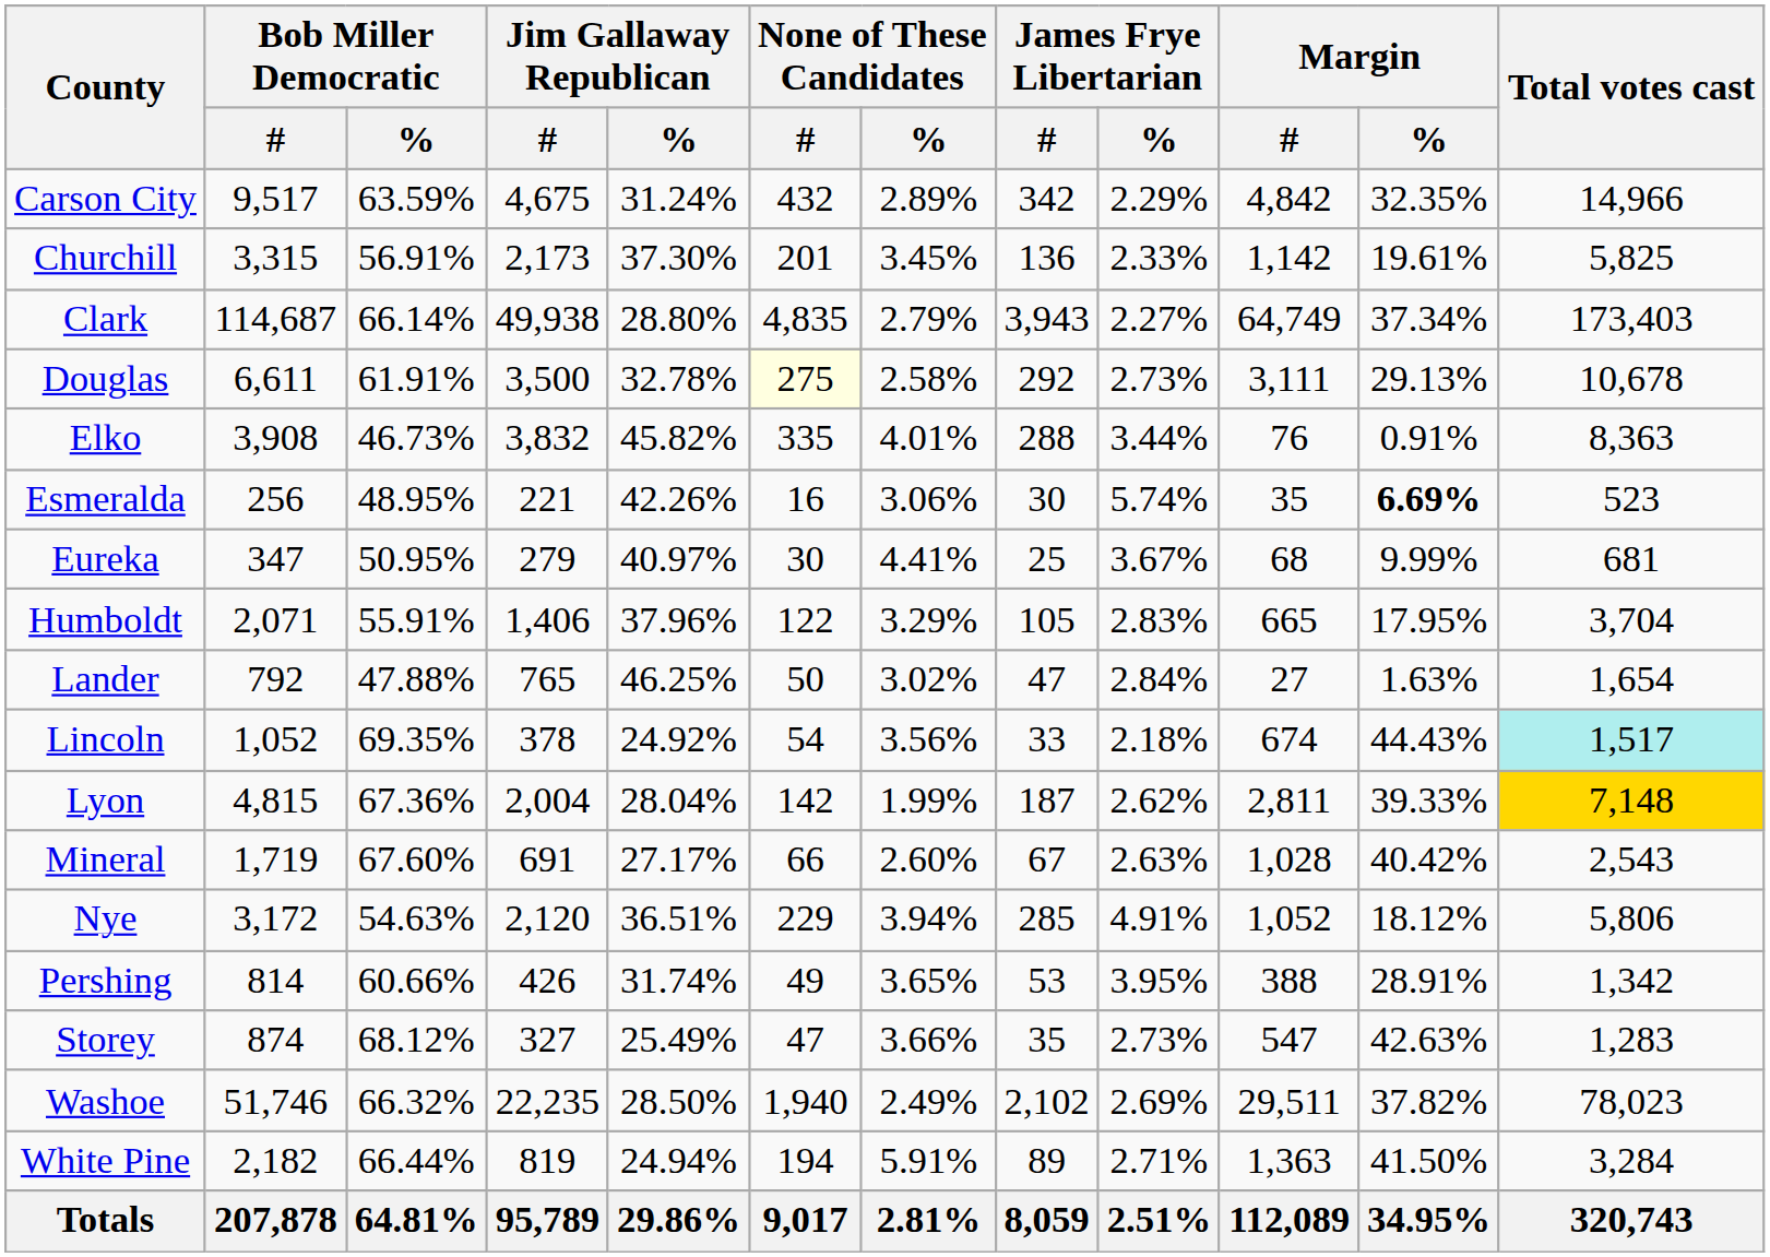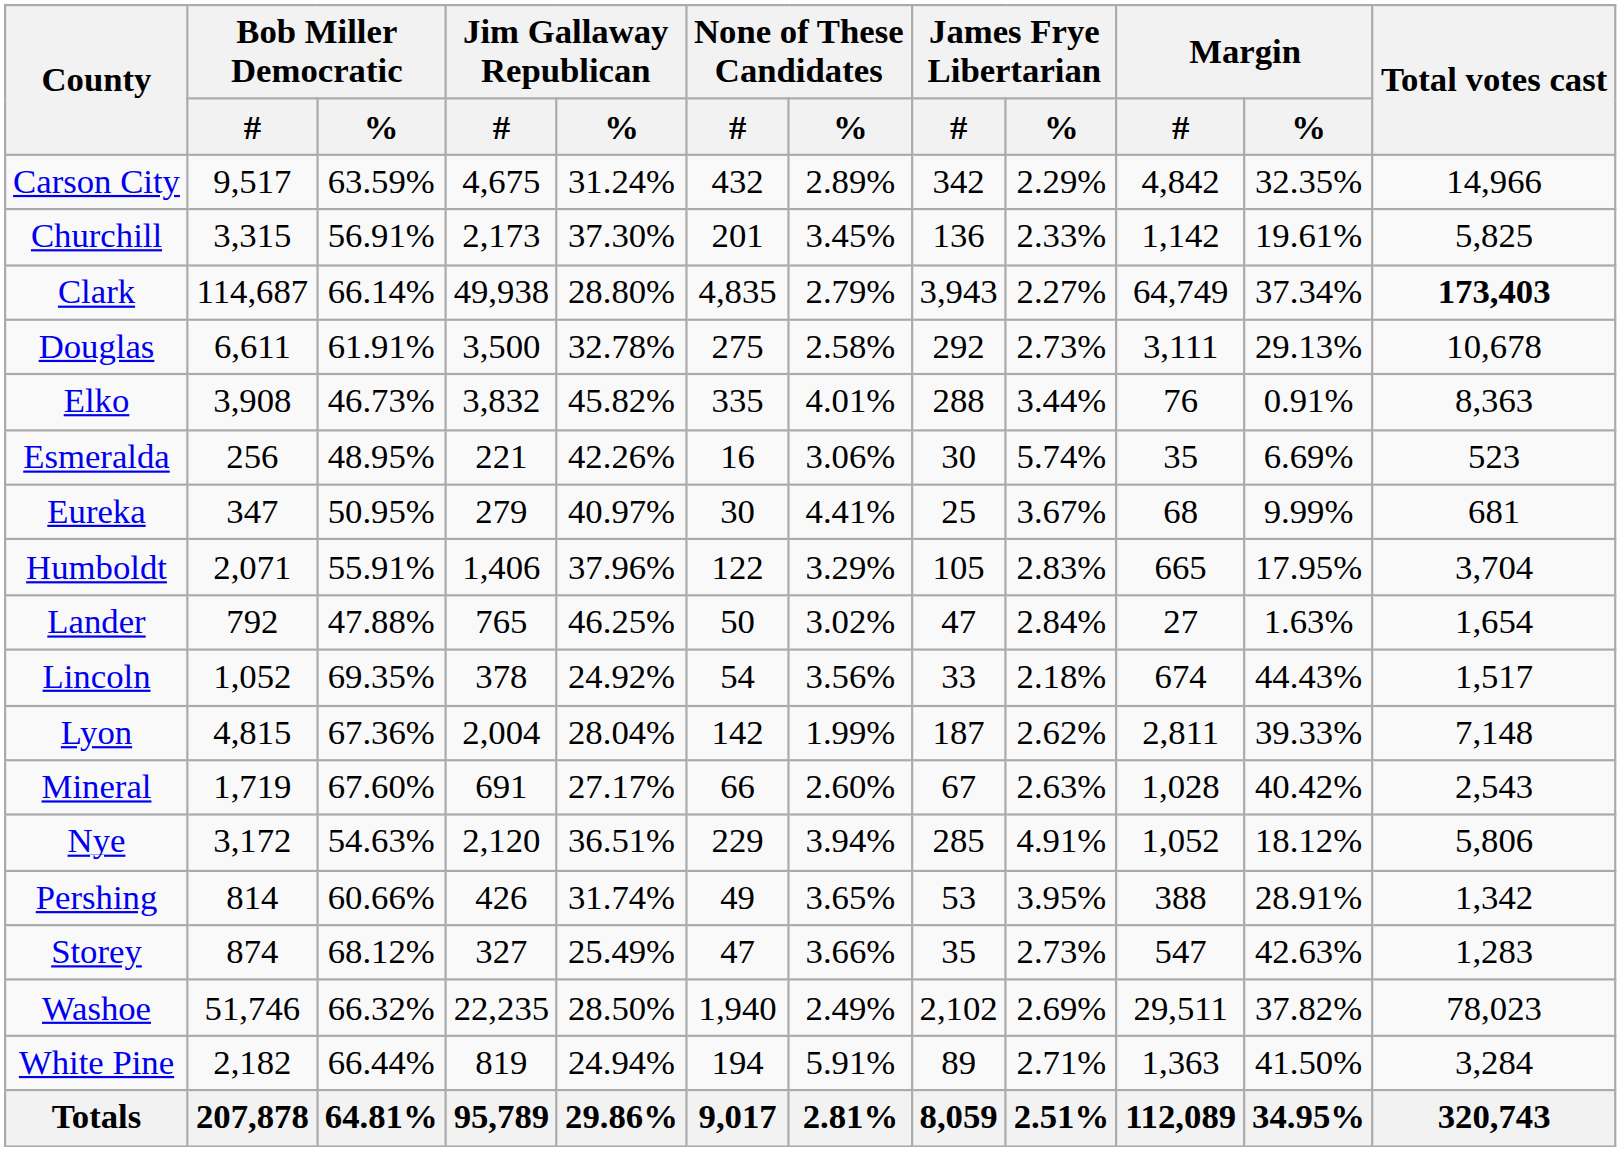 <table class="wikitable sortable" style="text-align:center">
 <tr>
 <th rowspan="2">County</th>
 <th style="text-align:center;" colspan="2">Bob Miller<br>Democratic</th>
 <th style="text-align:center;" colspan="2">Jim Gallaway<br>Republican</th>
 <th style="text-align:center;" colspan="2">None of These<br>Candidates</th>
 <th style="text-align:center;" colspan="2">James Frye<br>Libertarian</th>
 <th style="text-align:center;" colspan="2">Margin</th>
 <th style="text-align:center;" rowspan="2">Total votes cast</th>
 </tr>
 <tr>
 <th style="text-align:center;" data-sort-type="number">#</th>
 <th style="text-align:center;" data-sort-type="number">%</th>
 <th style="text-align:center;" data-sort-type="number">#</th>
 <th style="text-align:center;" data-sort-type="number">%</th>
 <th style="text-align:center;" data-sort-type="number">#</th>
 <th style="text-align:center;" data-sort-type="number">%</th>
 <th style="text-align:center;" data-sort-type="number">#</th>
 <th style="text-align:center;" data-sort-type="number">%</th>
 <th style="text-align:center;" data-sort-type="number">#</th>
 <th style="text-align:center;" data-sort-type="number">%</th>
 </tr>
 <tr style="text-align:center;">
 <td><a href='#'>Carson City</a></td>
 <td>9,517</td>
 <td>63.59%</td>
 <td>4,675</td>
 <td>31.24%</td>
 <td>432</td>
 <td>2.89%</td>
 <td>342</td>
 <td>2.29%</td>
 <td>4,842</td>
 <td>32.35%</td>
 <td>14,966</td>
 </tr>
 <tr style="text-align:center;">
 <td><a href='#'>Churchill</a></td>
 <td>3,315</td>
 <td>56.91%</td>
 <td>2,173</td>
 <td>37.30%</td>
 <td>201</td>
 <td>3.45%</td>
 <td>136</td>
 <td>2.33%</td>
 <td>1,142</td>
 <td>19.61%</td>
 <td>5,825</td>
 </tr>
 <tr style="text-align:center;">
 <td><a href='#'>Clark</a></td>
 <td>114,687</td>
 <td>66.14%</td>
 <td>49,938</td>
 <td>28.80%</td>
 <td>4,835</td>
 <td>2.79%</td>
 <td>3,943</td>
 <td>2.27%</td>
 <td>64,749</td>
 <td>37.34%</td>
-<td>173,403</td>
+<td><strong>173,403</strong></td>
 </tr>
 <tr style="text-align:center;">
 <td><a href='#'>Douglas</a></td>
 <td>6,611</td>
 <td>61.91%</td>
 <td>3,500</td>
 <td>32.78%</td>
-<td style="background: lightyellow;">275</td>
+<td>275</td>
 <td>2.58%</td>
 <td>292</td>
 <td>2.73%</td>
 <td>3,111</td>
 <td>29.13%</td>
 <td>10,678</td>
 </tr>
 <tr style="text-align:center;">
 <td><a href='#'>Elko</a></td>
 <td>3,908</td>
 <td>46.73%</td>
 <td>3,832</td>
 <td>45.82%</td>
 <td>335</td>
 <td>4.01%</td>
 <td>288</td>
 <td>3.44%</td>
 <td>76</td>
 <td>0.91%</td>
 <td>8,363</td>
 </tr>
 <tr style="text-align:center;">
 <td><a href='#'>Esmeralda</a></td>
 <td>256</td>
 <td>48.95%</td>
 <td>221</td>
 <td>42.26%</td>
 <td>16</td>
 <td>3.06%</td>
 <td>30</td>
 <td>5.74%</td>
 <td>35</td>
-<td><strong>6.69%</strong></td>
+<td>6.69%</td>
 <td>523</td>
 </tr>
 <tr style="text-align:center;">
 <td><a href='#'>Eureka</a></td>
 <td>347</td>
 <td>50.95%</td>
 <td>279</td>
 <td>40.97%</td>
 <td>30</td>
 <td>4.41%</td>
 <td>25</td>
 <td>3.67%</td>
 <td>68</td>
 <td>9.99%</td>
 <td>681</td>
 </tr>
 <tr style="text-align:center;">
 <td><a href='#'>Humboldt</a></td>
 <td>2,071</td>
 <td>55.91%</td>
 <td>1,406</td>
 <td>37.96%</td>
 <td>122</td>
 <td>3.29%</td>
 <td>105</td>
 <td>2.83%</td>
 <td>665</td>
 <td>17.95%</td>
 <td>3,704</td>
 </tr>
 <tr style="text-align:center;">
 <td><a href='#'>Lander</a></td>
 <td>792</td>
 <td>47.88%</td>
 <td>765</td>
 <td>46.25%</td>
 <td>50</td>
 <td>3.02%</td>
 <td>47</td>
 <td>2.84%</td>
 <td>27</td>
 <td>1.63%</td>
 <td>1,654</td>
 </tr>
 <tr style="text-align:center;">
 <td><a href='#'>Lincoln</a></td>
 <td>1,052</td>
 <td>69.35%</td>
 <td>378</td>
 <td>24.92%</td>
 <td>54</td>
 <td>3.56%</td>
 <td>33</td>
 <td>2.18%</td>
 <td>674</td>
 <td>44.43%</td>
-<td style="background: paleturquoise;">1,517</td>
+<td>1,517</td>
 </tr>
 <tr style="text-align:center;">
 <td><a href='#'>Lyon</a></td>
 <td>4,815</td>
 <td>67.36%</td>
 <td>2,004</td>
 <td>28.04%</td>
 <td>142</td>
 <td>1.99%</td>
 <td>187</td>
 <td>2.62%</td>
 <td>2,811</td>
 <td>39.33%</td>
-<td style="background: gold;">7,148</td>
+<td>7,148</td>
 </tr>
 <tr style="text-align:center;">
 <td><a href='#'>Mineral</a></td>
 <td>1,719</td>
 <td>67.60%</td>
 <td>691</td>
 <td>27.17%</td>
 <td>66</td>
 <td>2.60%</td>
 <td>67</td>
 <td>2.63%</td>
 <td>1,028</td>
 <td>40.42%</td>
 <td>2,543</td>
 </tr>
 <tr style="text-align:center;">
 <td><a href='#'>Nye</a></td>
 <td>3,172</td>
 <td>54.63%</td>
 <td>2,120</td>
 <td>36.51%</td>
 <td>229</td>
 <td>3.94%</td>
 <td>285</td>
 <td>4.91%</td>
 <td>1,052</td>
 <td>18.12%</td>
 <td>5,806</td>
 </tr>
 <tr style="text-align:center;">
 <td><a href='#'>Pershing</a></td>
 <td>814</td>
 <td>60.66%</td>
 <td>426</td>
 <td>31.74%</td>
 <td>49</td>
 <td>3.65%</td>
 <td>53</td>
 <td>3.95%</td>
 <td>388</td>
 <td>28.91%</td>
 <td>1,342</td>
 </tr>
 <tr style="text-align:center;">
 <td><a href='#'>Storey</a></td>
 <td>874</td>
 <td>68.12%</td>
 <td>327</td>
 <td>25.49%</td>
 <td>47</td>
 <td>3.66%</td>
 <td>35</td>
 <td>2.73%</td>
 <td>547</td>
 <td>42.63%</td>
 <td>1,283</td>
 </tr>
 <tr style="text-align:center;">
 <td><a href='#'>Washoe</a></td>
 <td>51,746</td>
 <td>66.32%</td>
 <td>22,235</td>
 <td>28.50%</td>
 <td>1,940</td>
 <td>2.49%</td>
 <td>2,102</td>
 <td>2.69%</td>
 <td>29,511</td>
 <td>37.82%</td>
 <td>78,023</td>
 </tr>
 <tr style="text-align:center;">
 <td><a href='#'>White Pine</a></td>
 <td>2,182</td>
 <td>66.44%</td>
 <td>819</td>
 <td>24.94%</td>
 <td>194</td>
 <td>5.91%</td>
 <td>89</td>
 <td>2.71%</td>
 <td>1,363</td>
 <td>41.50%</td>
 <td>3,284</td>
 </tr>
 <tr style="text-align:center;">
 <th>Totals</th>
 <th>207,878</th>
 <th>64.81%</th>
 <th>95,789</th>
 <th>29.86%</th>
 <th>9,017</th>
 <th>2.81%</th>
 <th>8,059</th>
 <th>2.51%</th>
 <th>112,089</th>
 <th>34.95%</th>
 <th>320,743</th>
 </tr>
 </table>
